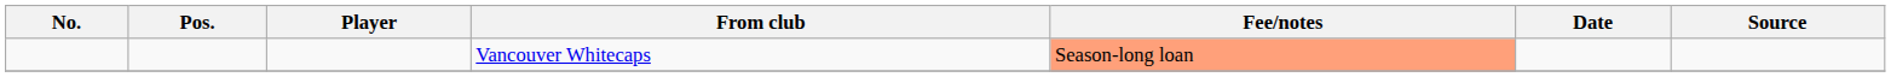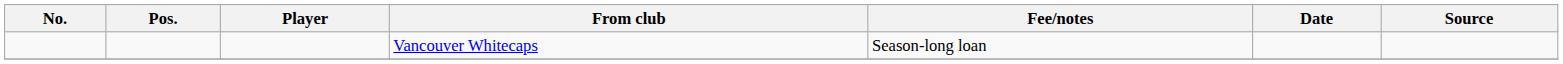 <table class="wikitable sortable" style="width:90%; font-size:95%;">
 <tr>
 <th>No.</th>
 <th>Pos.</th>
 <th>Player</th>
 <th>From club</th>
 <th>Fee/notes</th>
 <th>Date</th>
 <th>Source</th>
 </tr>
 <tr>
 <td align=center></td>
 <td align=center></td>
 <td></td>
 <td> <a href='#'>Vancouver Whitecaps</a></td>
-<td style="background: lightsalmon;">Season-long loan</td>
+<td>Season-long loan</td>
 <td></td>
 <td></td>
 </tr>
 <tr>
 </tr>
 </table>
